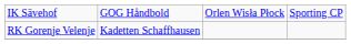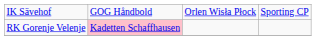 <table class="wikitable">
 <tr>
 <td> <a href='#'>IK Sävehof</a></td>
 <td> <a href='#'>GOG Håndbold</a></td>
 <td> <a href='#'>Orlen Wisła Płock</a></td>
 <td> <a href='#'>Sporting CP</a></td>
 </tr>
 <tr>
 <td> <a href='#'>RK Gorenje Velenje</a></td>
-<td> <a href='#'>Kadetten Schaffhausen</a></td>
+<td style="background: pink;"> <a href='#'>Kadetten Schaffhausen</a></td>
 <td></td>
 <td></td>
 </tr>
 <tr>
 </tr>
 </table>
